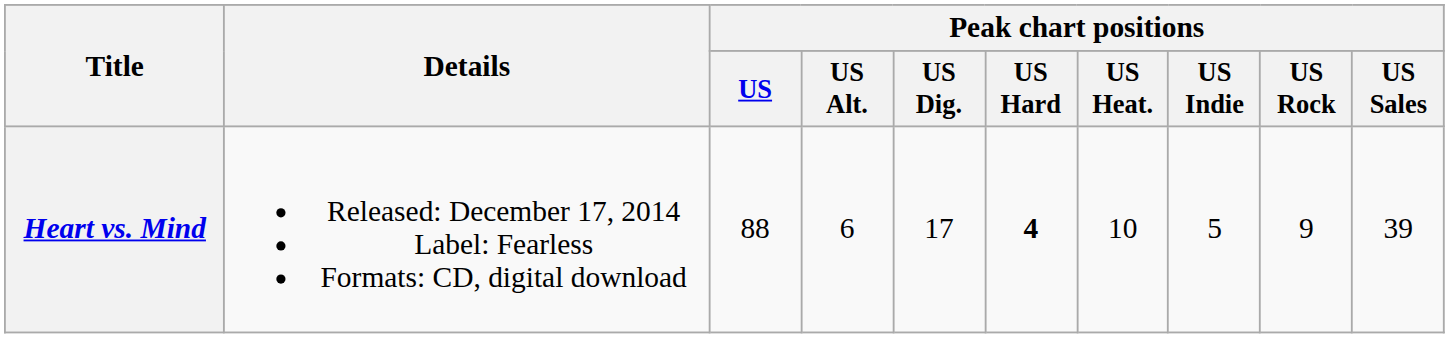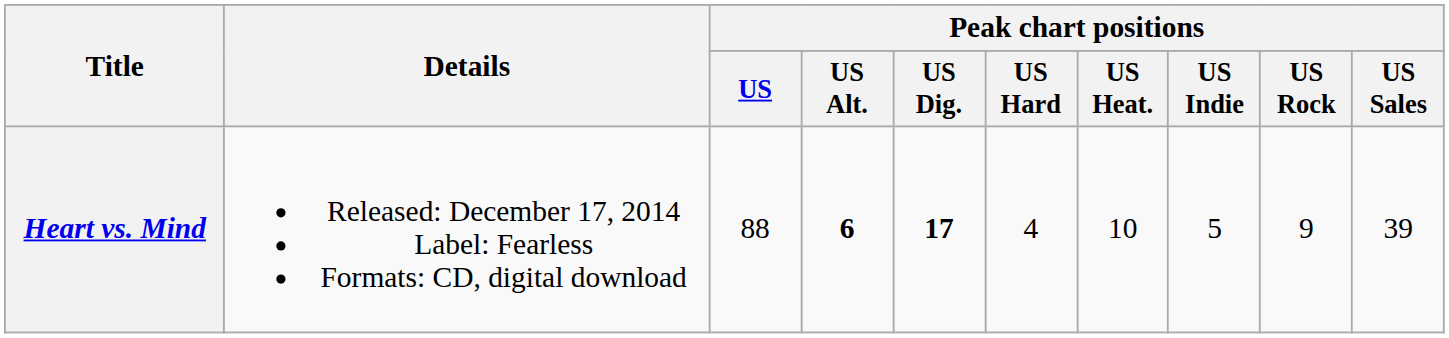 <table class="wikitable plainrowheaders" style="text-align:center;">
 <tr>
 <th rowspan="2" scope="col" style="width:7em;">Title</th>
 <th rowspan="2" scope="col" style="width:16em;">Details</th>
 <th colspan="8" scope="col">Peak chart positions</th>
 </tr>
 <tr>
 <th scope="col" style="width:3em;font-size:90%;"><a href='#'>US</a><br></th>
 <th scope="col" style="width:3em;font-size:90%;">US<br>Alt.<br></th>
 <th scope="col" style="width:3em;font-size:90%;">US<br>Dig.<br></th>
 <th scope="col" style="width:3em;font-size:90%;">US<br>Hard<br></th>
 <th scope="col" style="width:3em;font-size:90%;">US<br>Heat.<br></th>
 <th scope="col" style="width:3em;font-size:90%;">US<br>Indie<br></th>
 <th scope="col" style="width:3em;font-size:90%;">US<br>Rock<br></th>
 <th scope="col" style="width:3em;font-size:90%;">US<br>Sales<br></th>
 </tr>
 <tr>
 <th scope="row"><em><a href='#'>Heart vs. Mind</a></em></th>
 <td><br><ul><li>Released: December 17, 2014</li><li>Label: Fearless</li><li>Formats: CD, digital download</li></ul></td>
 <td>88</td>
-<td>6</td>
-<td>17</td>
-<td><strong>4</strong></td>
+<td><strong>6</strong></td>
+<td><strong>17</strong></td>
+<td>4</td>
 <td>10</td>
 <td>5</td>
 <td>9</td>
 <td>39</td>
 </tr>
 </table>
